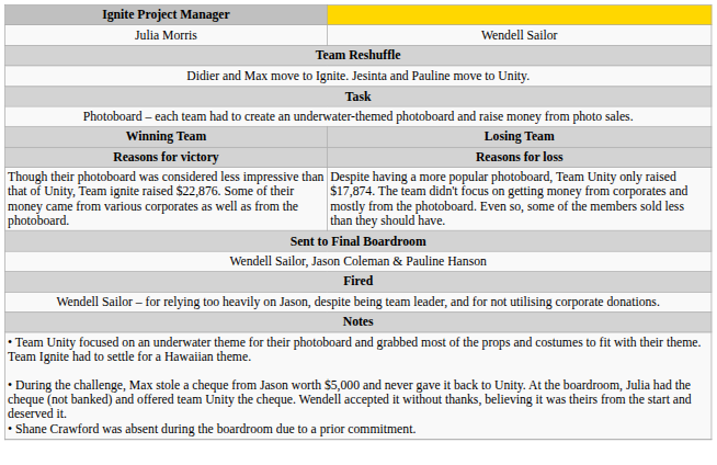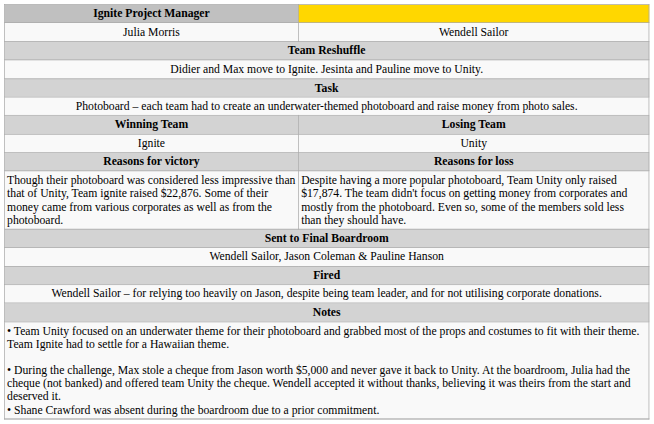 <table class="wikitable" style="text-align: center; width:100%">
 <tr>
 <th style="text-align:center; background:silver;">Ignite Project Manager</th>
 <th style="text-align:center; background:gold;"></th>
 </tr>
 <tr>
 <td>Julia Morris</td>
 <td>Wendell Sailor</td>
 </tr>
 <tr>
 <th colspan="2" style="text-align:center; background:lightgrey;">Team Reshuffle</th>
 </tr>
 <tr>
 <td colspan="2">Didier and Max move to Ignite. Jesinta and Pauline move to Unity.</td>
 </tr>
 <tr>
 <th colspan="2" style="text-align:center; background:lightgrey;">Task</th>
 </tr>
 <tr>
 <td colspan="2">Photoboard – each team had to create an underwater-themed photoboard and raise money from photo sales.</td>
 </tr>
 <tr>
 <th style="text-align:center; background:lightgrey;">Winning Team</th>
 <th style="text-align:center; background:lightgrey;">Losing Team</th>
+</tr>
+<tr>
+<td>Ignite</td>
+<td>Unity</td>
 </tr>
 <tr>
 <th style="text-align:center; background:lightgrey;">Reasons for victory</th>
 <th style="text-align:center; background:lightgrey;">Reasons for loss</th>
 </tr>
 <tr style="text-align: left;">
 <td>Though their photoboard was considered less impressive than that of Unity, Team ignite raised $22,876. Some of their money came from various corporates as well as from the photoboard.</td>
 <td>Despite having a more popular photoboard, Team Unity only raised $17,874. The team didn't focus on getting money from corporates and mostly from the photoboard. Even so, some of the members sold less than they should have.</td>
 </tr>
 <tr>
 <th colspan="2" style="text-align:center; background:lightgrey;">Sent to Final Boardroom</th>
 </tr>
 <tr>
 <td colspan="2">Wendell Sailor, Jason Coleman & Pauline Hanson</td>
 </tr>
 <tr>
 <th colspan="2" style="text-align:center; background:lightgrey;">Fired</th>
 </tr>
 <tr>
 <td colspan="2">Wendell Sailor – for relying too heavily on Jason, despite being team leader, and for not utilising corporate donations.</td>
 </tr>
 <tr>
 <th colspan="2" style="text-align:center; background:lightgrey;">Notes</th>
 </tr>
 <tr style="text-align: left;">
 <td colspan="2">• Team Unity focused on an underwater theme for their photoboard and grabbed most of the props and costumes to fit with their theme. Team Ignite had to settle for a Hawaiian theme.<br><br>• During the challenge, Max stole a cheque from Jason worth $5,000 and never gave it back to Unity. At the boardroom, Julia had the cheque (not banked) and offered team Unity the cheque. Wendell accepted it without thanks, believing it was theirs from the start and deserved it.<br> • Shane Crawford was absent during the boardroom due to a prior commitment.</td>
 </tr>
 <tr>
 </tr>
 </table>
